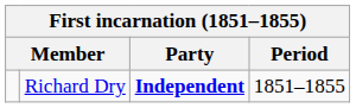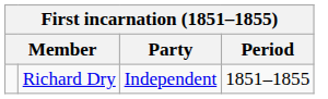 <table class="wikitable">
 <tr>
 <th colspan="4">First incarnation (1851–1855)</th>
 </tr>
 <tr>
 <th colspan="2">Member</th>
 <th>Party</th>
 <th>Period</th>
 </tr>
 <tr>
 <td> </td>
 <td><a href='#'>Richard Dry</a></td>
-<td><strong><a href='#'>Independent</a></strong></td>
+<td><a href='#'>Independent</a></td>
 <td>1851–1855</td>
 </tr>
 </table>
